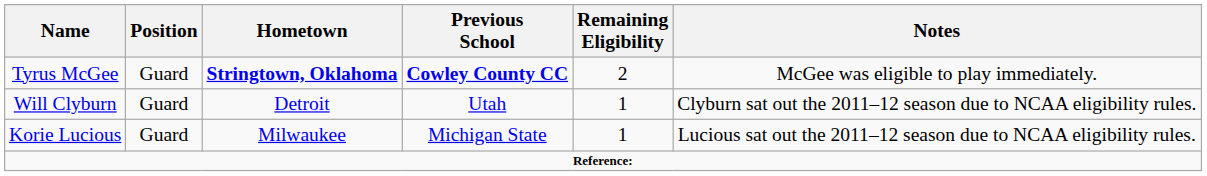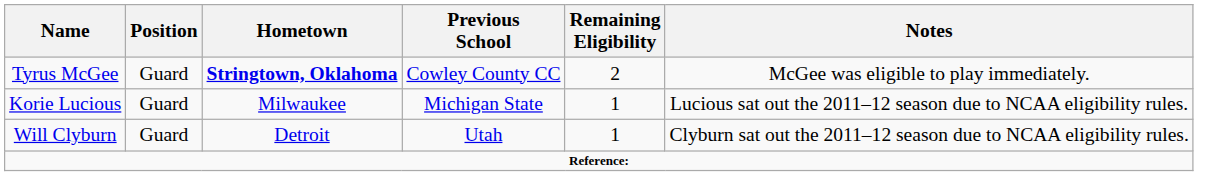 <table class="wikitable" style="text-align: center">
 <tr align=center>
 <th>Name</th>
 <th>Position</th>
 <th>Hometown</th>
 <th>Previous<br>School</th>
 <th>Remaining<br>Eligibility</th>
 <th>Notes</th>
 </tr>
 <tr>
 <td><a href='#'>Tyrus McGee</a></td>
 <td>Guard</td>
 <td><strong><a href='#'>Stringtown, Oklahoma</a></strong></td>
-<td><strong><a href='#'>Cowley County CC</a></strong></td>
+<td><a href='#'>Cowley County CC</a></td>
 <td>2</td>
 <td>McGee was eligible to play immediately.</td>
+</tr>
+<tr>
+<td><a href='#'>Korie Lucious</a></td>
+<td>Guard</td>
+<td><a href='#'>Milwaukee</a></td>
+<td><a href='#'>Michigan State</a></td>
+<td>1</td>
+<td>Lucious sat out the 2011–12 season due to NCAA eligibility rules.</td>
 </tr>
 <tr>
 <td><a href='#'>Will Clyburn</a></td>
 <td>Guard</td>
 <td><a href='#'>Detroit</a></td>
 <td><a href='#'>Utah</a></td>
 <td>1</td>
 <td>Clyburn sat out the 2011–12 season due to NCAA eligibility rules.</td>
 </tr>
 <tr>
-<td><a href='#'>Korie Lucious</a></td>
-<td>Guard</td>
-<td><a href='#'>Milwaukee</a></td>
-<td><a href='#'>Michigan State</a></td>
-<td>1</td>
-<td>Lucious sat out the 2011–12 season due to NCAA eligibility rules.</td>
-</tr>
-<tr>
 <td colspan="6"  style="font-size:8pt; text-align:center;"><strong>Reference:</strong></td>
 </tr>
 </table>
